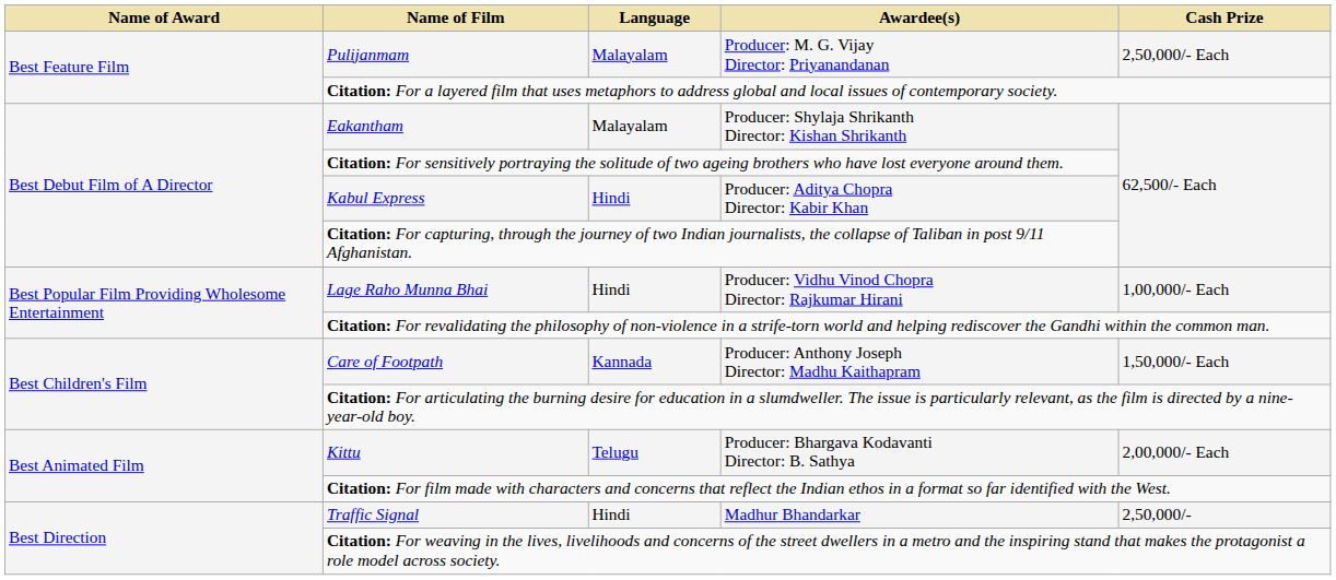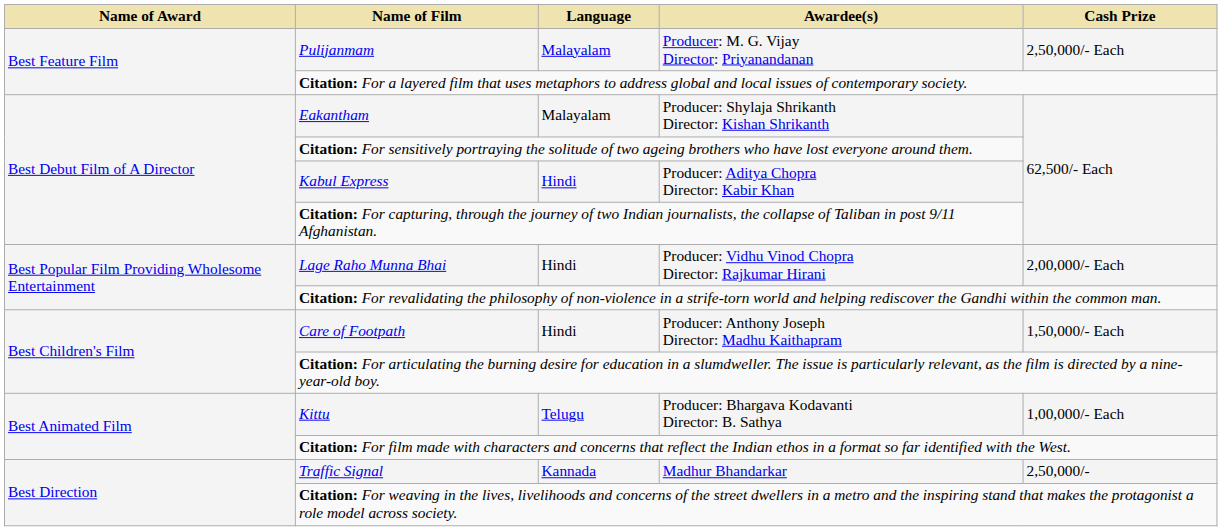 <table class="wikitable" style="width:100%;">
 <tr>
 <th style="background-color:#EFE4B0;width:24%;">Name of Award</th>
 <th style="background-color:#EFE4B0;width:20%;">Name of Film</th>
 <th style="background-color:#EFE4B0;width:10%;">Language</th>
 <th style="background-color:#EFE4B0;width:30%;">Awardee(s)</th>
 <th style="background-color:#EFE4B0;width:16%;">Cash Prize</th>
 </tr>
 <tr style="background-color:#F4F4F4">
 <td rowspan="2"><a href='#'>Best Feature Film</a></td>
 <td><em><a href='#'>Pulijanmam</a></em></td>
 <td><a href='#'>Malayalam</a></td>
 <td><a href='#'>Producer</a>: M. G. Vijay<br><a href='#'>Director</a>: <a href='#'>Priyanandanan</a></td>
 <td> 2,50,000/- Each</td>
 </tr>
 <tr style="background-color:#F9F9F9">
 <td colspan="4"><strong>Citation:</strong> <em>For a layered film that uses metaphors to address global and local issues of contemporary society.</em></td>
 </tr>
 <tr style="background-color:#F4F4F4">
 <td rowspan="4"><a href='#'>Best Debut Film of A Director</a></td>
 <td><em><a href='#'>Eakantham</a></em></td>
 <td>Malayalam</td>
 <td>Producer: Shylaja Shrikanth<br>Director: <a href='#'>Kishan Shrikanth</a></td>
 <td rowspan="4"> 62,500/- Each</td>
 </tr>
 <tr style="background-color:#F9F9F9">
 <td colspan="3"><strong>Citation:</strong> <em>For sensitively portraying the solitude of two ageing brothers who have lost everyone around them.</em></td>
 </tr>
 <tr style="background-color:#F4F4F4">
 <td><em><a href='#'>Kabul Express</a></em></td>
 <td><a href='#'>Hindi</a></td>
 <td>Producer: <a href='#'>Aditya Chopra</a><br>Director: <a href='#'>Kabir Khan</a></td>
 </tr>
 <tr style="background-color:#F9F9F9">
 <td colspan="3"><strong>Citation:</strong> <em>For capturing, through the journey of two Indian journalists, the collapse of Taliban in post 9/11 Afghanistan.</em></td>
 </tr>
 <tr style="background-color:#F4F4F4">
 <td rowspan="2"><a href='#'>Best Popular Film Providing Wholesome Entertainment</a></td>
 <td><em><a href='#'>Lage Raho Munna Bhai</a></em></td>
 <td>Hindi</td>
 <td>Producer: <a href='#'>Vidhu Vinod Chopra</a><br>Director: <a href='#'>Rajkumar Hirani</a></td>
-<td> 1,00,000/- Each</td>
+<td> 2,00,000/- Each</td>
 </tr>
 <tr style="background-color:#F9F9F9">
 <td colspan="4"><strong>Citation:</strong> <em>For revalidating the philosophy of non-violence in a strife-torn world and helping rediscover the Gandhi within the common man.</em></td>
 </tr>
 <tr style="background-color:#F4F4F4">
 <td rowspan="2"><a href='#'>Best Children's Film</a></td>
 <td><em><a href='#'>Care of Footpath</a></em></td>
-<td><a href='#'>Kannada</a></td>
+<td>Hindi</td>
 <td>Producer: Anthony Joseph<br>Director: <a href='#'>Madhu Kaithapram</a></td>
 <td> 1,50,000/- Each</td>
 </tr>
 <tr style="background-color:#F9F9F9">
 <td colspan="4"><strong>Citation:</strong> <em>For articulating the burning desire for education in a slumdweller. The issue is particularly relevant, as the film is directed by a nine-year-old boy.</em></td>
 </tr>
 <tr style="background-color:#F4F4F4">
 <td rowspan="2"><a href='#'>Best Animated Film</a></td>
 <td><em><a href='#'>Kittu</a></em></td>
 <td><a href='#'>Telugu</a></td>
 <td>Producer: Bhargava Kodavanti<br>Director: B. Sathya</td>
-<td> 2,00,000/- Each</td>
+<td> 1,00,000/- Each</td>
 </tr>
 <tr style="background-color:#F9F9F9">
 <td colspan="4"><strong>Citation:</strong> <em>For film made with characters and concerns that reflect the Indian ethos in a format so far identified with the West.</em></td>
 </tr>
 <tr style="background-color:#F4F4F4">
 <td rowspan="2"><a href='#'>Best Direction</a></td>
 <td><em><a href='#'>Traffic Signal</a></em></td>
-<td>Hindi</td>
+<td><a href='#'>Kannada</a></td>
 <td><a href='#'>Madhur Bhandarkar</a></td>
 <td> 2,50,000/-</td>
 </tr>
 <tr style="background-color:#F9F9F9">
 <td colspan="4"><strong>Citation:</strong> <em>For weaving in the lives, livelihoods and concerns of the street dwellers in a metro and the inspiring stand that makes the protagonist a role model across society.</em></td>
 </tr>
 </table>
